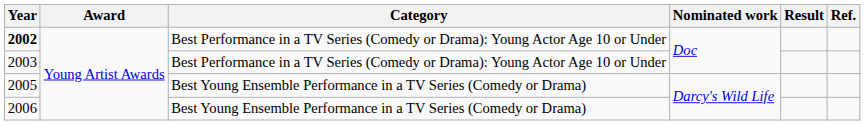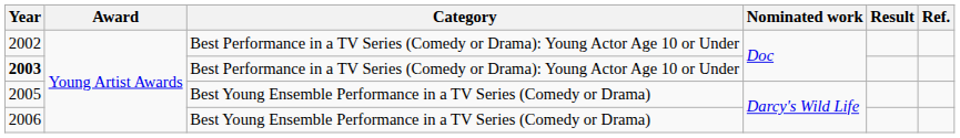 <table class="wikitable">
 <tr>
 <th style="text-align:center;">Year</th>
 <th style="text-align:center;">Award</th>
 <th style="text-align:center;">Category</th>
 <th style="text-align:center;">Nominated work</th>
 <th style="text-align:center;">Result</th>
 <th>Ref.</th>
 </tr>
 <tr>
-<td><strong>2002</strong></td>
+<td>2002</td>
 <td rowspan="4"><a href='#'>Young Artist Awards</a></td>
 <td>Best Performance in a TV Series (Comedy or Drama): Young Actor Age 10 or Under</td>
 <td rowspan="2"><em><a href='#'>Doc</a></em></td>
 <td></td>
 <td style="text-align:center;"></td>
 </tr>
 <tr>
-<td>2003</td>
+<td><strong>2003</strong></td>
 <td>Best Performance in a TV Series (Comedy or Drama): Young Actor Age 10 or Under</td>
 <td></td>
 <td style="text-align:center;"></td>
 </tr>
 <tr>
 <td>2005</td>
 <td>Best Young Ensemble Performance in a TV Series (Comedy or Drama)</td>
 <td rowspan="2"><em><a href='#'>Darcy's Wild Life</a></em></td>
 <td></td>
 <td></td>
 </tr>
 <tr>
 <td>2006</td>
 <td>Best Young Ensemble Performance in a TV Series (Comedy or Drama)</td>
 <td></td>
 <td style="text-align:center;"></td>
 </tr>
 </table>
